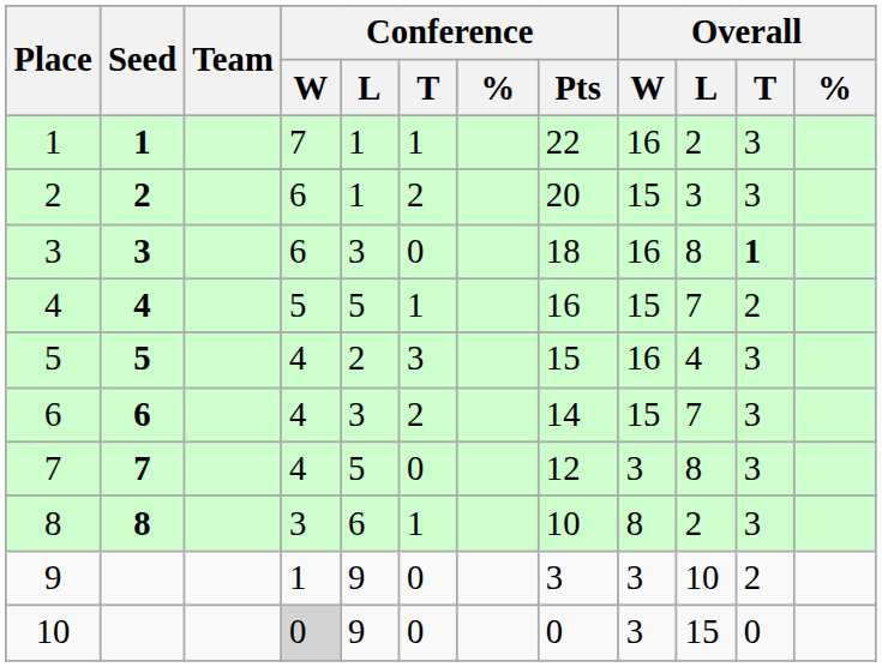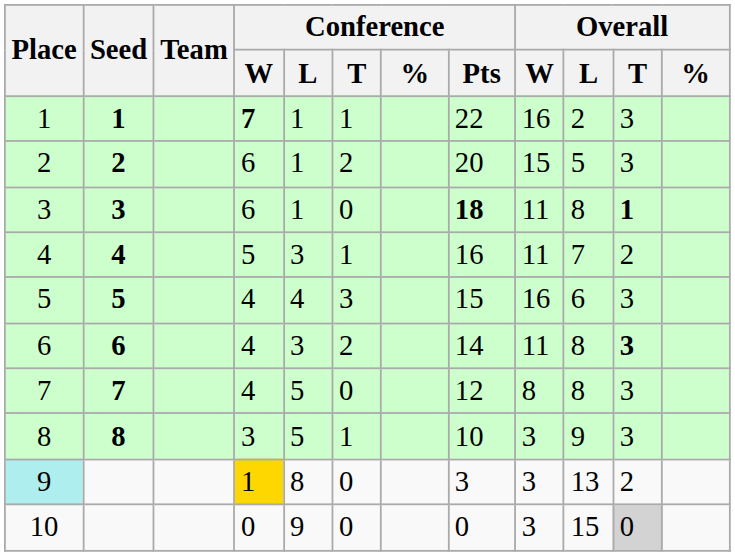 <table class="wikitable">
 <tr>
 <th rowspan ="2">Place</th>
 <th rowspan ="2">Seed</th>
 <th rowspan ="2">Team</th>
 <th colspan = "5">Conference</th>
 <th colspan = "4">Overall</th>
 </tr>
 <tr>
 <th scope="col" style="width: 20px;">W</th>
 <th scope="col" style="width: 20px;">L</th>
 <th scope="col" style="width: 20px;">T</th>
 <th scope="col" style="width: 30px;">%</th>
 <th scope="col" style="width: 30px;">Pts</th>
 <th scope="col" style="width: 20px;">W</th>
 <th scope="col" style="width: 20px;">L</th>
 <th scope="col" style="width: 20px;">T</th>
 <th scope="col" style="width: 30px;">%</th>
 </tr>
 <tr bgcolor=#ccffcc>
 <td style="text-align:center;">1</td>
 <td style="text-align:center;"><strong>1</strong></td>
 <td></td>
-<td>7</td>
+<td><strong>7</strong></td>
 <td>1</td>
 <td>1</td>
 <td></td>
 <td>22</td>
 <td>16</td>
 <td>2</td>
 <td>3</td>
 <td></td>
 </tr>
 <tr bgcolor=#ccffcc>
 <td style="text-align:center;">2</td>
 <td style="text-align:center;"><strong>2</strong></td>
 <td></td>
 <td>6</td>
 <td>1</td>
 <td>2</td>
 <td></td>
 <td>20</td>
 <td>15</td>
-<td>3</td>
+<td>5</td>
 <td>3</td>
 <td></td>
 </tr>
 <tr bgcolor=#ccffcc>
 <td style="text-align:center;">3</td>
 <td style="text-align:center;"><strong>3</strong></td>
 <td></td>
 <td>6</td>
-<td>3</td>
+<td>1</td>
 <td>0</td>
 <td></td>
-<td>18</td>
-<td>16</td>
+<td><strong>18</strong></td>
+<td>11</td>
 <td>8</td>
 <td><strong>1</strong></td>
 <td></td>
 </tr>
 <tr bgcolor=#ccffcc>
 <td style="text-align:center;">4</td>
 <td style="text-align:center;"><strong>4</strong></td>
 <td></td>
 <td>5</td>
-<td>5</td>
+<td>3</td>
 <td>1</td>
 <td></td>
 <td>16</td>
-<td>15</td>
+<td>11</td>
 <td>7</td>
 <td>2</td>
 <td></td>
 </tr>
 <tr bgcolor=#ccffcc>
 <td style="text-align:center;">5</td>
 <td style="text-align:center;"><strong>5</strong></td>
 <td></td>
 <td>4</td>
-<td>2</td>
+<td>4</td>
 <td>3</td>
 <td></td>
 <td>15</td>
 <td>16</td>
-<td>4</td>
+<td>6</td>
 <td>3</td>
 <td></td>
 </tr>
 <tr bgcolor=#ccffcc>
 <td style="text-align:center;">6</td>
 <td style="text-align:center;"><strong>6</strong></td>
 <td></td>
 <td>4</td>
 <td>3</td>
 <td>2</td>
 <td></td>
 <td>14</td>
-<td>15</td>
-<td>7</td>
-<td>3</td>
+<td>11</td>
+<td>8</td>
+<td><strong>3</strong></td>
 <td></td>
 </tr>
 <tr bgcolor=#ccffcc>
 <td style="text-align:center;">7</td>
 <td style="text-align:center;"><strong>7</strong></td>
 <td></td>
 <td>4</td>
 <td>5</td>
 <td>0</td>
 <td></td>
 <td>12</td>
-<td>3</td>
+<td>8</td>
 <td>8</td>
 <td>3</td>
 <td></td>
 </tr>
 <tr bgcolor=#ccffcc>
 <td style="text-align:center;">8</td>
 <td style="text-align:center;"><strong>8</strong></td>
 <td></td>
 <td>3</td>
-<td>6</td>
+<td>5</td>
 <td>1</td>
 <td></td>
 <td>10</td>
-<td>8</td>
-<td>2</td>
+<td>3</td>
+<td>9</td>
 <td>3</td>
 <td></td>
 </tr>
 <tr>
-<td style="text-align:center;">9</td>
+<td style="background: paleturquoise; text-align:center;">9</td>
 <td style="text-align:center;"></td>
 <td></td>
-<td>1</td>
-<td>9</td>
+<td style="background: gold;">1</td>
+<td>8</td>
 <td>0</td>
 <td></td>
 <td>3</td>
 <td>3</td>
-<td>10</td>
+<td>13</td>
 <td>2</td>
 <td></td>
 </tr>
 <tr>
 <td style="text-align:center;">10</td>
 <td style="text-align:center;"></td>
 <td></td>
-<td style="background: lightgrey;">0</td>
+<td>0</td>
 <td>9</td>
 <td>0</td>
 <td></td>
 <td>0</td>
 <td>3</td>
 <td>15</td>
-<td>0</td>
+<td style="background: lightgrey;">0</td>
 <td></td>
 </tr>
 </table>
